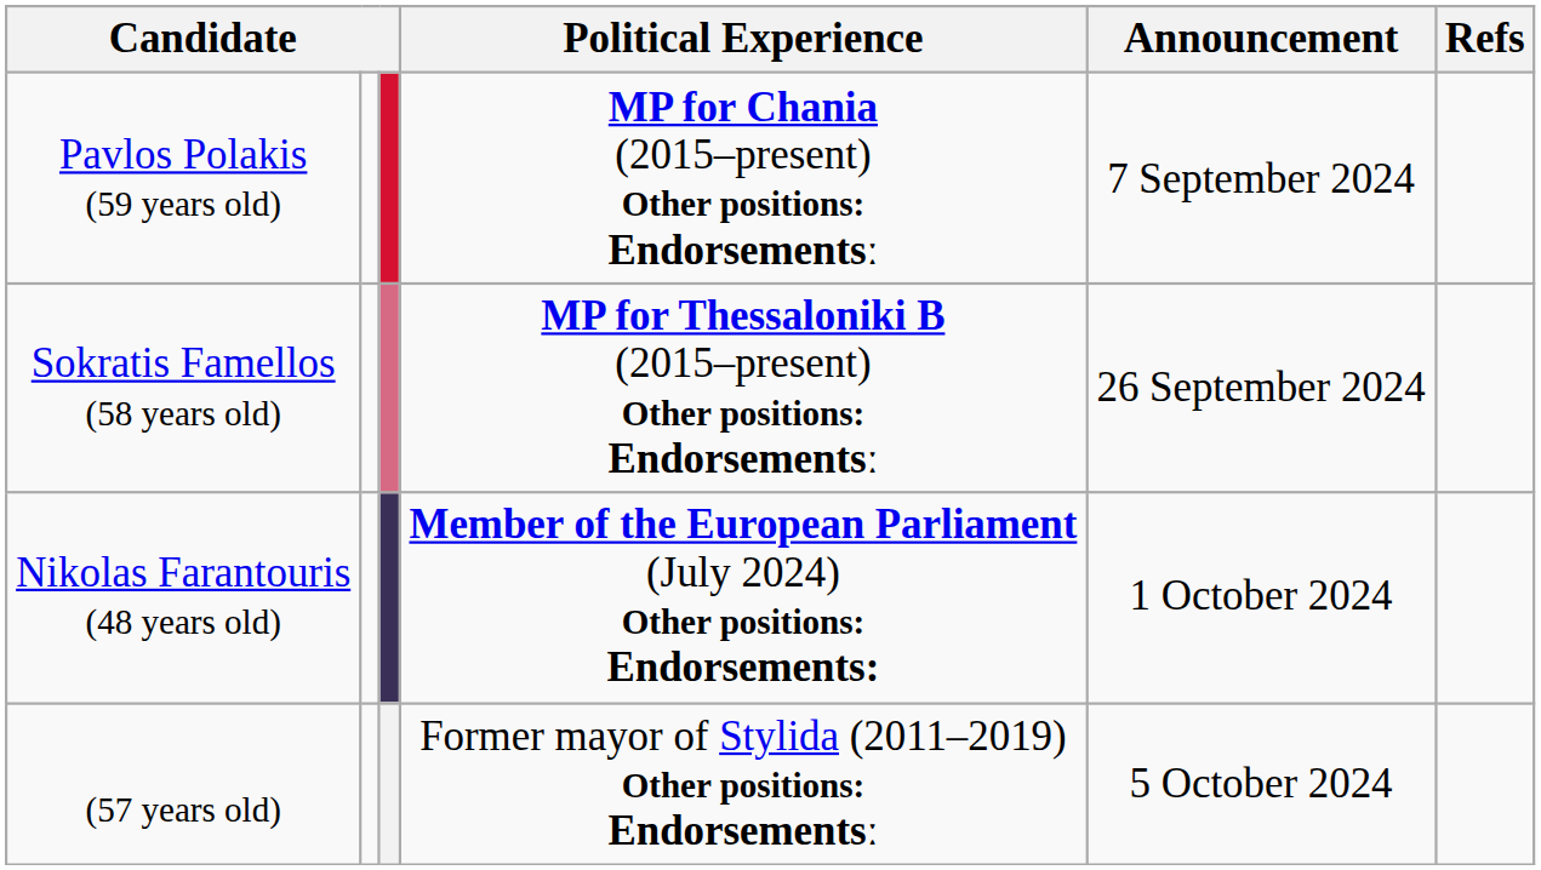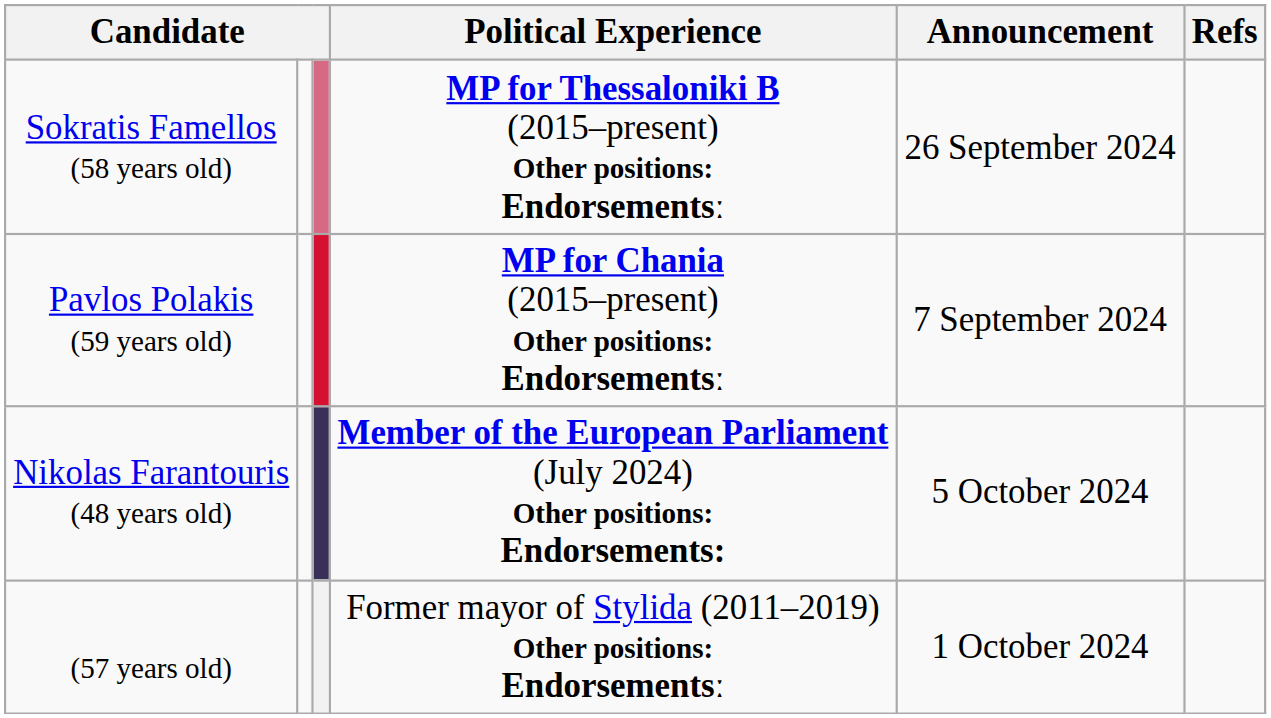 <table class="wikitable" style="text-align:center;">
 <tr>
 <th colspan="3" width="125">Candidate</th>
 <th>Political Experience</th>
 <th>Announcement</th>
 <th>Refs</th>
+</tr>
+<tr>
+<td><a href='#'>Sokratis Famellos</a><br><small>(58 years old)</small></td>
+<td></td>
+<th style="color:inherit;background:#D66984;"></th>
+<td><strong><a href='#'>MP for Thessaloniki B</a></strong><br>(2015–present)<br><small><strong>Other positions:</strong></small><br><strong>Endorsementsː</strong>  </td>
+<td>26 September 2024</td>
+<td></td>
 </tr>
 <tr>
 <td><a href='#'>Pavlos Polakis</a><br><small>(59 years old)</small></td>
 <td></td>
 <th style="color:inherit;background:#D51030;"></th>
 <td><strong><a href='#'>MP for Chania</a></strong><br>(2015–present)<br><small><strong>Other positions:</strong></small><br><strong>Endorsementsː</strong>  </td>
 <td>7 September 2024</td>
 <td></td>
 </tr>
 <tr>
-<td><a href='#'>Sokratis Famellos</a><br><small>(58 years old)</small></td>
-<td></td>
-<th style="color:inherit;background:#D66984;"></th>
-<td><strong><a href='#'>MP for Thessaloniki B</a></strong><br>(2015–present)<br><small><strong>Other positions:</strong></small><br><strong>Endorsementsː</strong>  </td>
-<td>26 September 2024</td>
-<td></td>
-</tr>
-<tr>
 <td><a href='#'>Nikolas Farantouris</a><br><small>(48 years old)</small></td>
 <td></td>
 <th style="color:inherit;background:#3A3057;"></th>
 <td><strong><a href='#'>Member of the European Parliament</a></strong><br>(July 2024)<br><small><strong>Other positions:</strong></small><br> <strong>Endorsements:</strong></td>
-<td>1 October 2024</td>
+<td>5 October 2024</td>
 <td></td>
 </tr>
 <tr>
 <td> <br><small>(57 years old)</small></td>
 <td></td>
 <th style="color:inherit;background:"></th>
 <td>Former mayor of <a href='#'>Stylida</a> (2011–2019)<br> <small><strong>Other positions:</strong></small><br> <strong>Endorsementsː</strong></td>
-<td>5 October 2024</td>
+<td>1 October 2024</td>
 <td> </td>
 </tr>
 </table>
